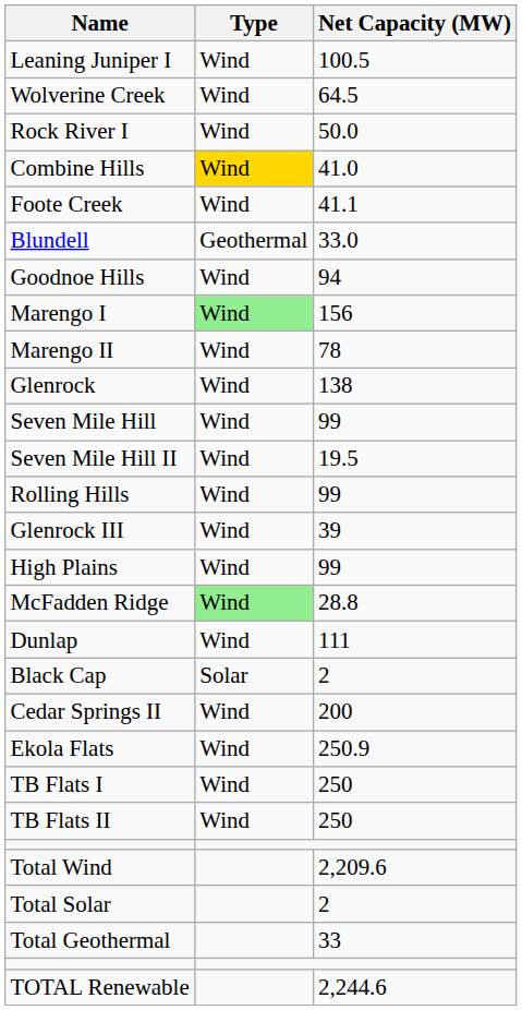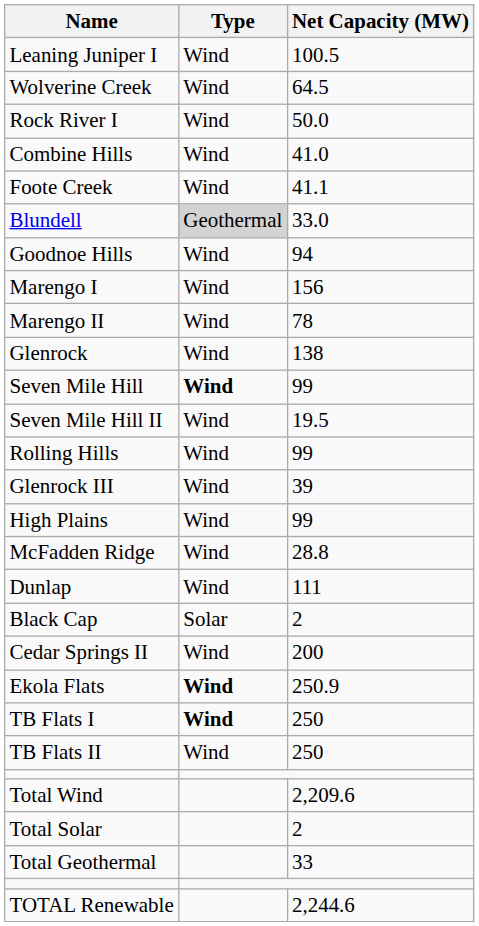 <table class="wikitable">
 <tr>
 <th>Name</th>
 <th>Type</th>
 <th>Net Capacity (MW)</th>
 </tr>
 <tr>
 <td>Leaning Juniper I</td>
 <td>Wind</td>
 <td>100.5</td>
 </tr>
 <tr>
 <td>Wolverine Creek</td>
 <td>Wind</td>
 <td>64.5</td>
 </tr>
 <tr>
 <td>Rock River I</td>
 <td>Wind</td>
 <td>50.0</td>
 </tr>
 <tr>
 <td>Combine Hills</td>
-<td style="background: gold;">Wind</td>
+<td>Wind</td>
 <td>41.0</td>
 </tr>
 <tr>
 <td>Foote Creek</td>
 <td>Wind</td>
 <td>41.1</td>
 </tr>
 <tr>
 <td><a href='#'>Blundell</a></td>
-<td>Geothermal</td>
+<td style="background: lightgrey;">Geothermal</td>
 <td>33.0</td>
 </tr>
 <tr>
 <td>Goodnoe Hills</td>
 <td>Wind</td>
 <td>94</td>
 </tr>
 <tr>
 <td>Marengo I</td>
-<td style="background: lightgreen;">Wind</td>
+<td>Wind</td>
 <td>156</td>
 </tr>
 <tr>
 <td>Marengo II</td>
 <td>Wind</td>
 <td>78</td>
 </tr>
 <tr>
 <td>Glenrock</td>
 <td>Wind</td>
 <td>138</td>
 </tr>
 <tr>
 <td>Seven Mile Hill</td>
-<td>Wind</td>
+<td><strong>Wind</strong></td>
 <td>99</td>
 </tr>
 <tr>
 <td>Seven Mile Hill II</td>
 <td>Wind</td>
 <td>19.5</td>
 </tr>
 <tr>
 <td>Rolling Hills</td>
 <td>Wind</td>
 <td>99</td>
 </tr>
 <tr>
 <td>Glenrock III</td>
 <td>Wind</td>
 <td>39</td>
 </tr>
 <tr>
 <td>High Plains</td>
 <td>Wind</td>
 <td>99</td>
 </tr>
 <tr>
 <td>McFadden Ridge</td>
-<td style="background: lightgreen;">Wind</td>
+<td>Wind</td>
 <td>28.8</td>
 </tr>
 <tr>
 <td>Dunlap</td>
 <td>Wind</td>
 <td>111</td>
 </tr>
 <tr>
 <td>Black Cap</td>
 <td>Solar</td>
 <td>2</td>
 </tr>
 <tr>
 <td>Cedar Springs II</td>
 <td>Wind</td>
 <td>200</td>
 </tr>
 <tr>
 <td>Ekola Flats</td>
-<td>Wind</td>
+<td><strong>Wind</strong></td>
 <td>250.9</td>
 </tr>
 <tr>
 <td>TB Flats I</td>
-<td>Wind</td>
+<td><strong>Wind</strong></td>
 <td>250</td>
 </tr>
 <tr>
 <td>TB Flats II</td>
 <td>Wind</td>
 <td>250</td>
 </tr>
 <tr>
 <td></td>
 </tr>
 <tr>
 <td>Total Wind</td>
 <td></td>
 <td>2,209.6</td>
 </tr>
 <tr>
 <td>Total Solar</td>
 <td></td>
 <td>2</td>
 </tr>
 <tr>
 <td>Total Geothermal</td>
 <td></td>
 <td>33</td>
 </tr>
 <tr>
 <td></td>
 </tr>
 <tr>
 <td>TOTAL Renewable</td>
 <td></td>
 <td>2,244.6</td>
 </tr>
 </table>
